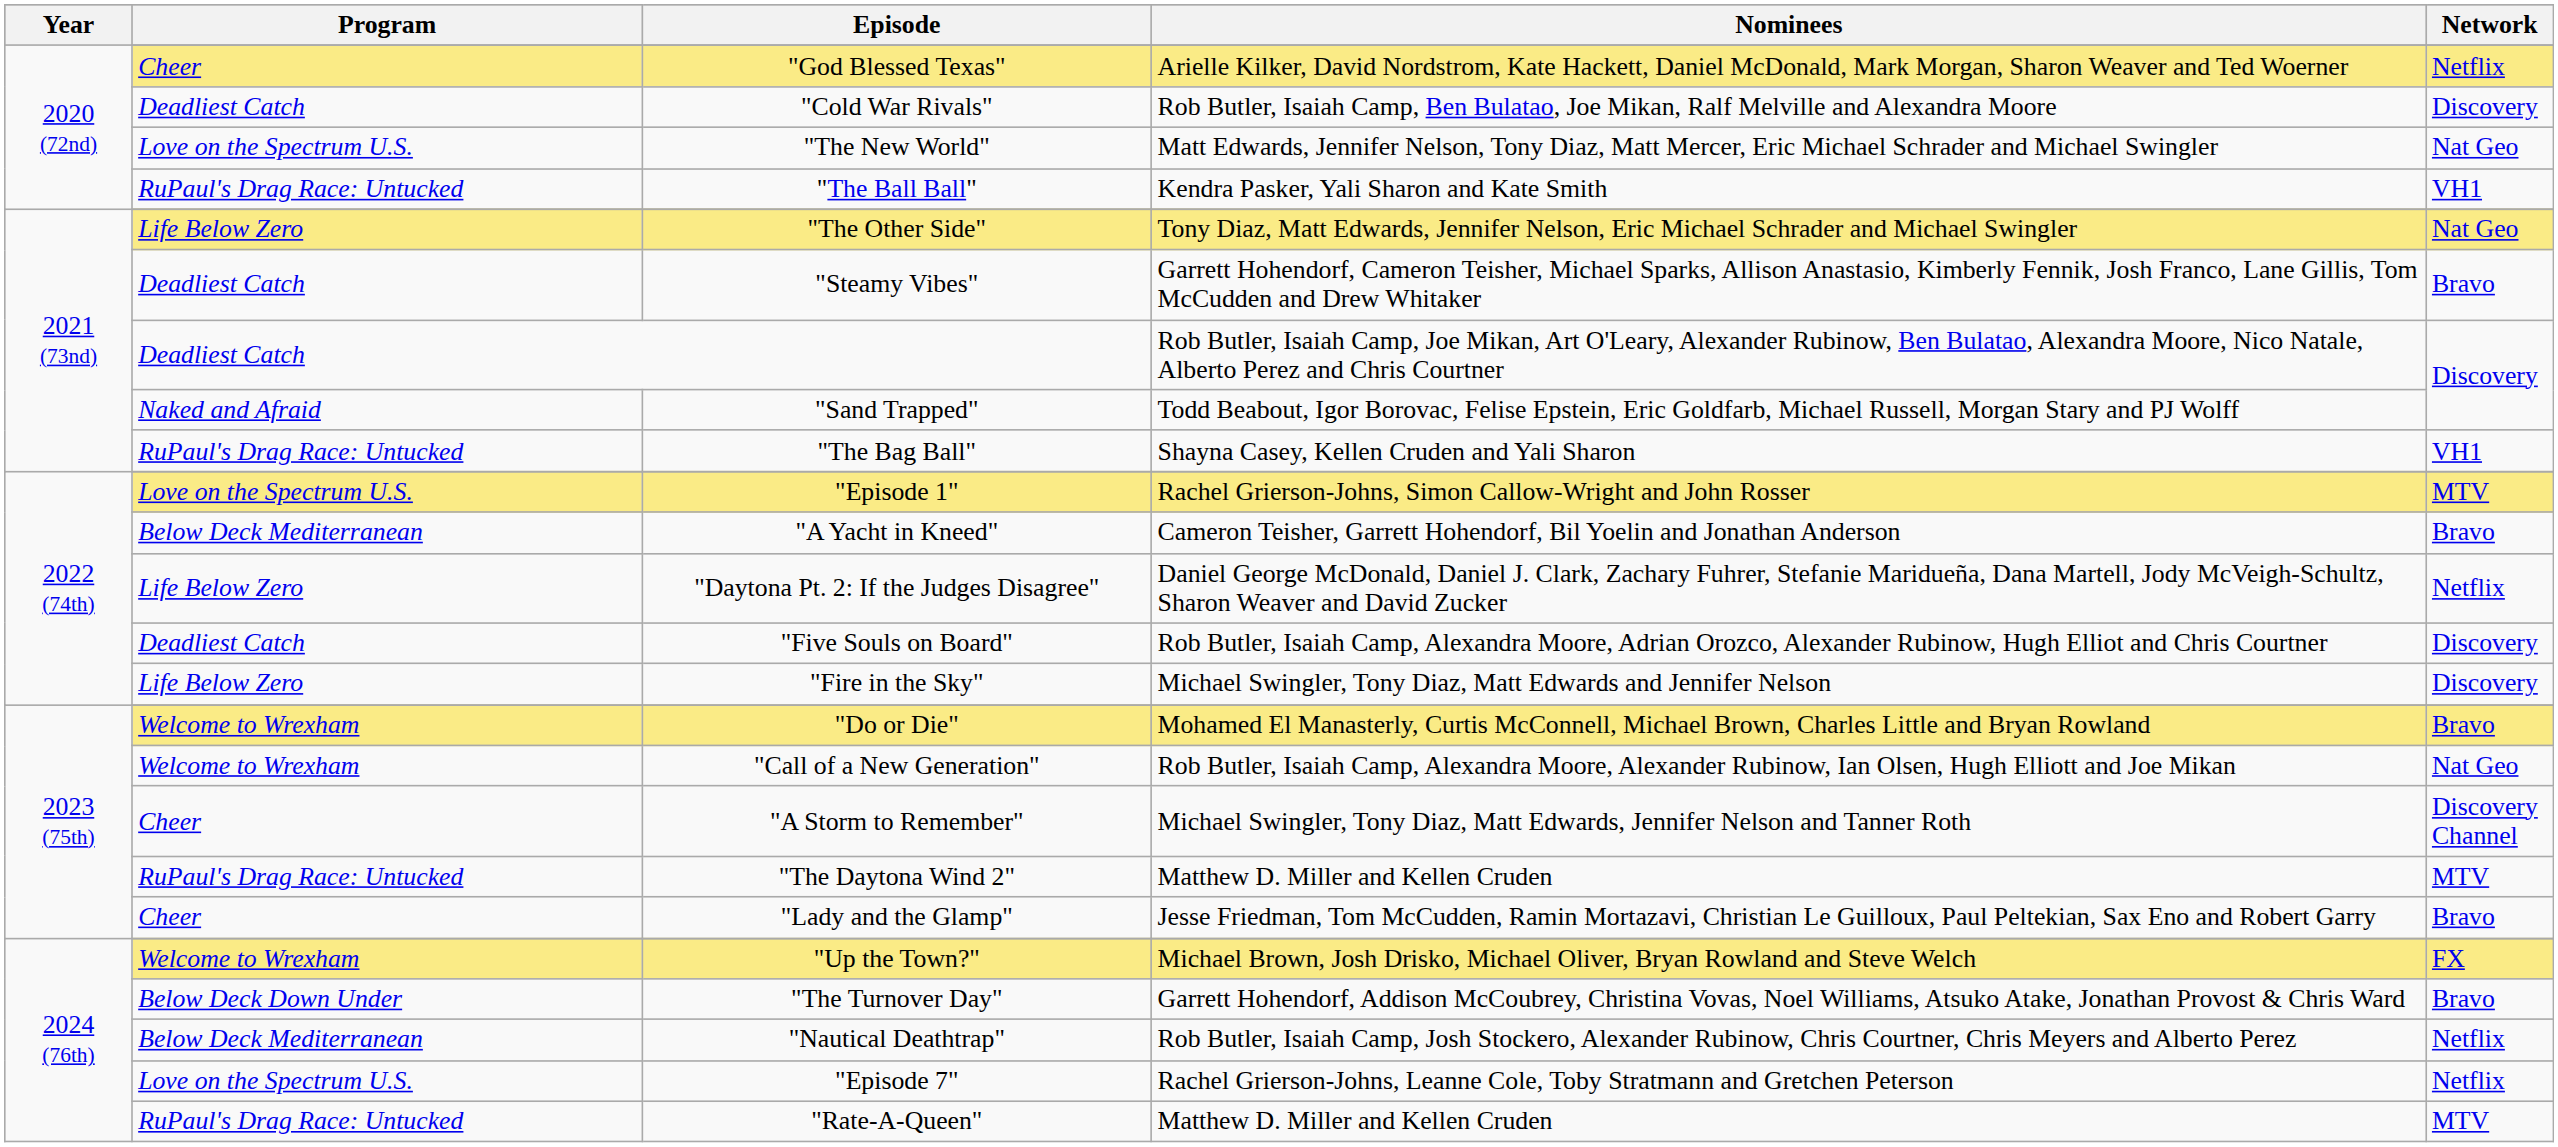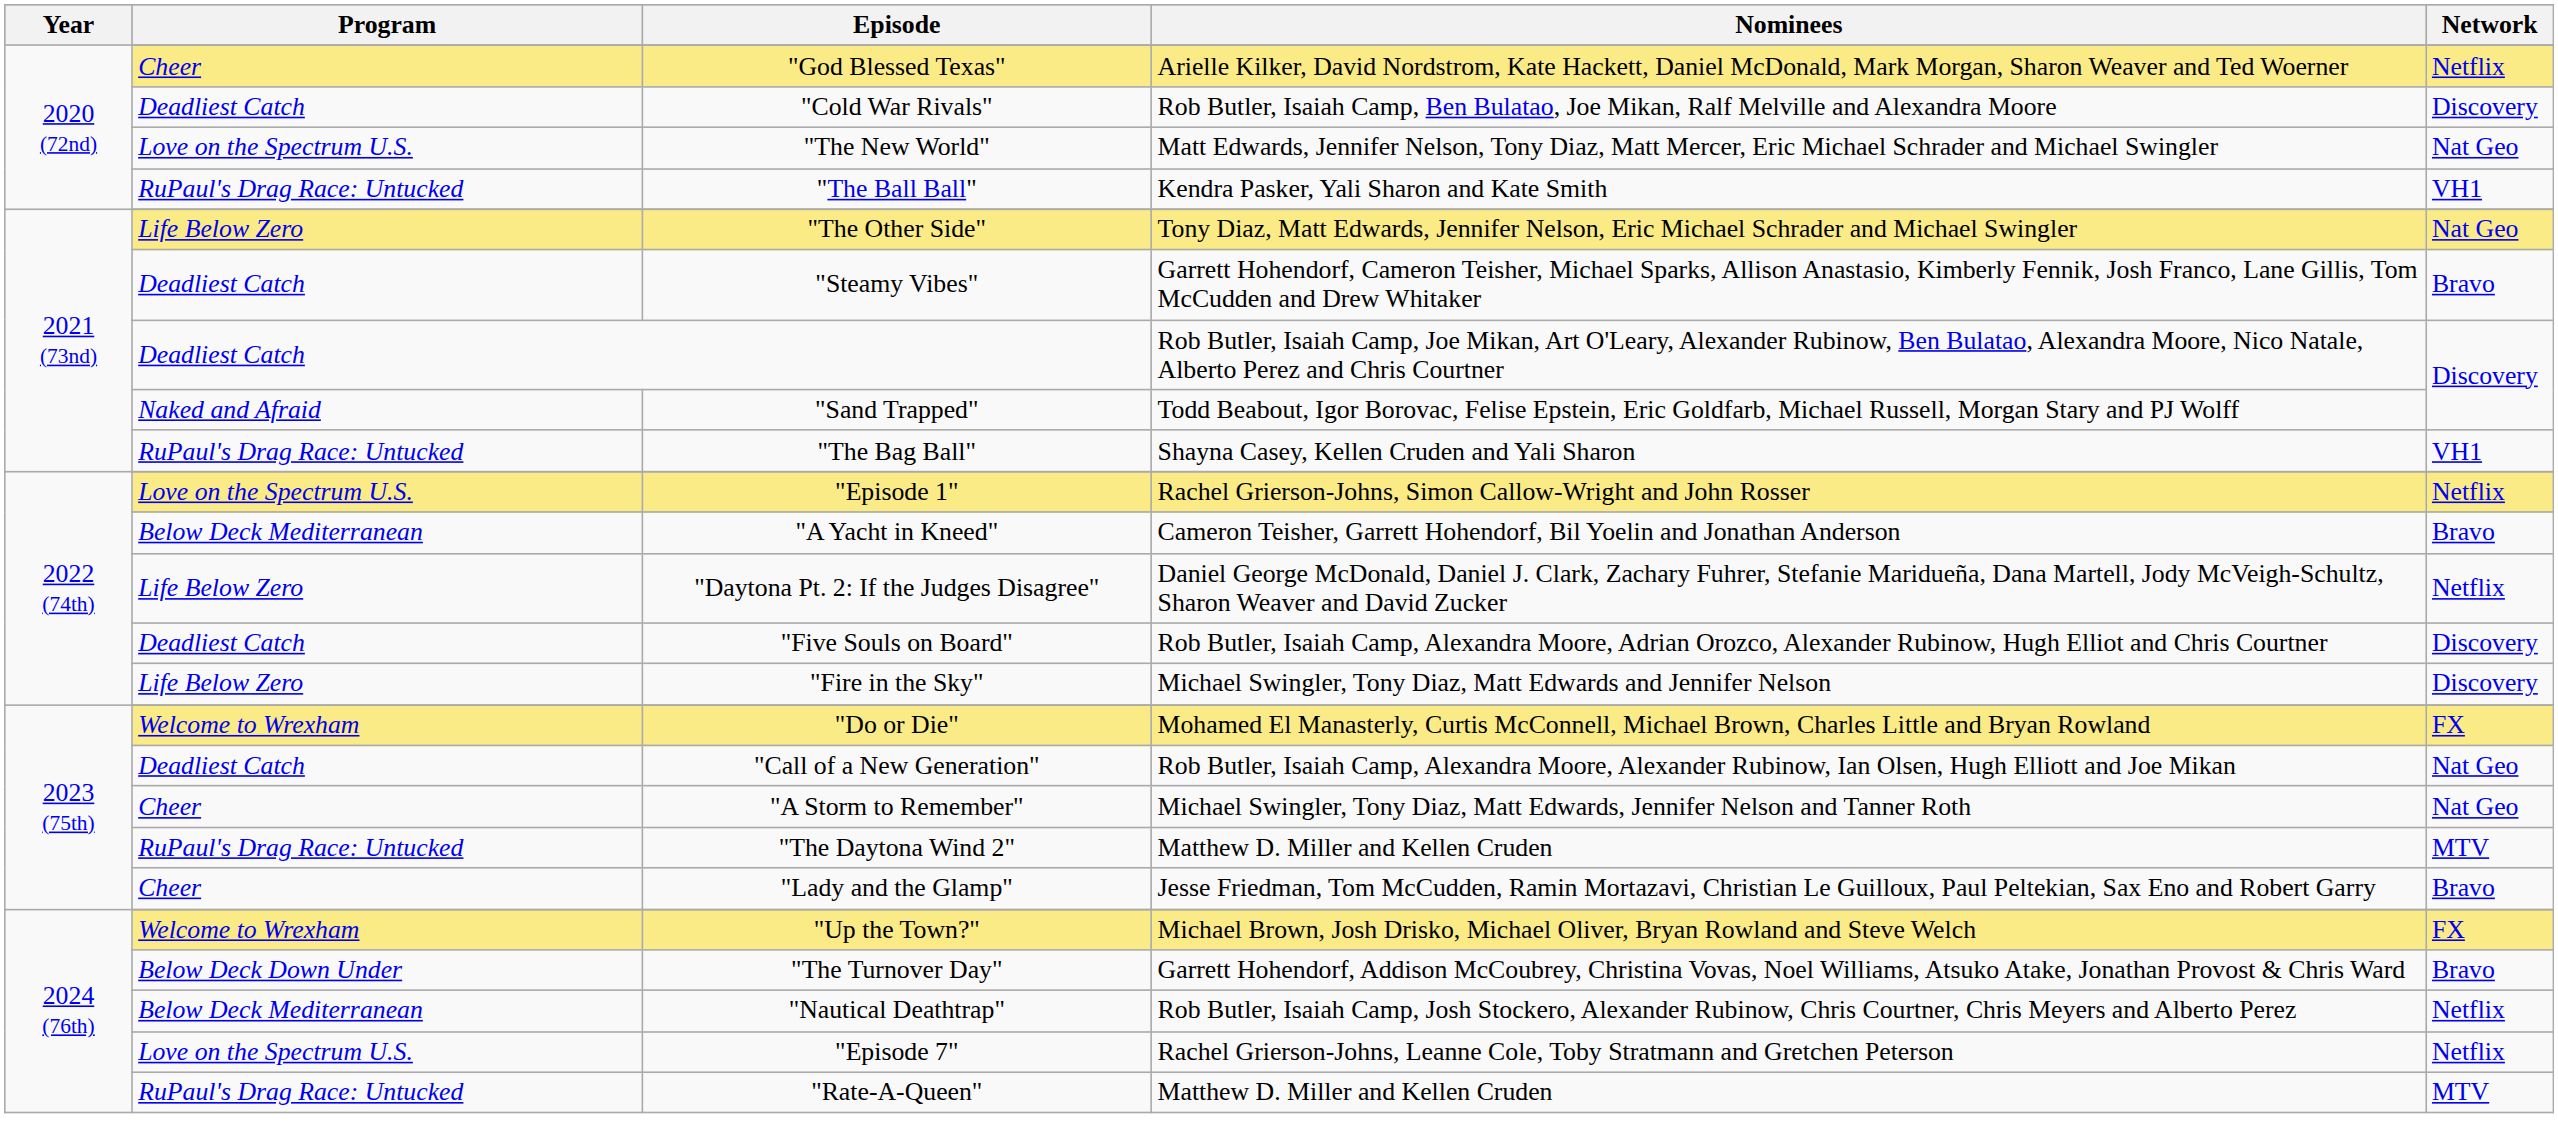 <table class="wikitable" style="width:100%">
 <tr bgcolor="#bebebe">
 <th width="5%">Year</th>
 <th width="20%">Program</th>
 <th width="20%">Episode</th>
 <th width="50%">Nominees</th>
 <th width="5%">Network</th>
 </tr>
 <tr>
 <td rowspan=5 style="text-align:center"><a href='#'>2020</a><br><small><a href='#'>(72nd)</a></small><br></td>
 </tr>
 <tr style="background:#FAEB86;">
 <td><em><a href='#'>Cheer</a></em></td>
 <td align=center>"God Blessed Texas"</td>
 <td>Arielle Kilker, David Nordstrom, Kate Hackett, Daniel McDonald, Mark Morgan, Sharon Weaver and Ted Woerner</td>
 <td><a href='#'>Netflix</a></td>
 </tr>
 <tr>
 <td><em><a href='#'>Deadliest Catch</a></em></td>
 <td align=center>"Cold War Rivals"</td>
 <td>Rob Butler, Isaiah Camp, <a href='#'>Ben Bulatao</a>, Joe Mikan, Ralf Melville and Alexandra Moore</td>
 <td><a href='#'>Discovery</a></td>
 </tr>
 <tr>
 <td><em><a href='#'>Love on the Spectrum U.S.</a></em></td>
 <td align=center>"The New World"</td>
 <td>Matt Edwards, Jennifer Nelson, Tony Diaz, Matt Mercer, Eric Michael Schrader and Michael Swingler</td>
 <td><a href='#'>Nat Geo</a></td>
 </tr>
 <tr>
 <td><em><a href='#'>RuPaul's Drag Race: Untucked</a></em></td>
 <td align=center>"<a href='#'>The Ball Ball</a>"</td>
 <td>Kendra Pasker, Yali Sharon and Kate Smith</td>
 <td><a href='#'>VH1</a></td>
 </tr>
 <tr>
 <td rowspan=6 style="text-align:center"><a href='#'>2021</a><br><small><a href='#'>(73nd)</a></small><br></td>
 </tr>
 <tr style="background:#FAEB86;">
 <td><em><a href='#'>Life Below Zero</a></em></td>
 <td align=center>"The Other Side"</td>
 <td>Tony Diaz, Matt Edwards, Jennifer Nelson, Eric Michael Schrader and Michael Swingler</td>
 <td><a href='#'>Nat Geo</a></td>
 </tr>
 <tr>
 <td><em><a href='#'>Deadliest Catch</a></em></td>
 <td align=center>"Steamy Vibes"</td>
 <td>Garrett Hohendorf, Cameron Teisher, Michael Sparks, Allison Anastasio, Kimberly Fennik, Josh Franco, Lane Gillis, Tom McCudden and Drew Whitaker</td>
 <td><a href='#'>Bravo</a></td>
 </tr>
 <tr>
 <td colspan="2'"><em><a href='#'>Deadliest Catch</a></em></td>
 <td>Rob Butler, Isaiah Camp, Joe Mikan, Art O'Leary, Alexander Rubinow, <a href='#'>Ben Bulatao</a>, Alexandra Moore, Nico Natale, Alberto Perez and Chris Courtner</td>
 <td rowspan=2><a href='#'>Discovery</a></td>
 </tr>
 <tr>
 <td><em><a href='#'>Naked and Afraid</a></em></td>
 <td align=center>"Sand Trapped"</td>
 <td>Todd Beabout, Igor Borovac, Felise Epstein, Eric Goldfarb, Michael Russell, Morgan Stary and PJ Wolff</td>
 </tr>
 <tr>
 <td><em><a href='#'>RuPaul's Drag Race: Untucked</a></em></td>
 <td align=center>"The Bag Ball"</td>
 <td>Shayna Casey, Kellen Cruden and Yali Sharon</td>
 <td><a href='#'>VH1</a></td>
 </tr>
 <tr>
 <td rowspan=6 style="text-align:center"><a href='#'>2022</a><br><small><a href='#'>(74th)</a></small><br></td>
 </tr>
 <tr style="background:#FAEB86;">
 <td><em><a href='#'>Love on the Spectrum U.S.</a></em></td>
 <td align=center>"Episode 1"</td>
 <td>Rachel Grierson-Johns, Simon Callow-Wright and John Rosser</td>
-<td><a href='#'>MTV</a></td>
+<td><a href='#'>Netflix</a></td>
 </tr>
 <tr>
 <td><em><a href='#'>Below Deck Mediterranean</a></em></td>
 <td align=center>"A Yacht in Kneed"</td>
 <td>Cameron Teisher, Garrett Hohendorf, Bil Yoelin and Jonathan Anderson</td>
 <td><a href='#'>Bravo</a></td>
 </tr>
 <tr>
 <td><em><a href='#'>Life Below Zero</a></em></td>
 <td align=center>"Daytona Pt. 2: If the Judges Disagree"</td>
 <td>Daniel George McDonald, Daniel J. Clark, Zachary Fuhrer, Stefanie Maridueña, Dana Martell, Jody McVeigh-Schultz, Sharon Weaver and David Zucker</td>
 <td><a href='#'>Netflix</a></td>
 </tr>
 <tr>
 <td><em><a href='#'>Deadliest Catch</a></em></td>
 <td align=center>"Five Souls on Board"</td>
 <td>Rob Butler, Isaiah Camp, Alexandra Moore, Adrian Orozco, Alexander Rubinow, Hugh Elliot and Chris Courtner</td>
 <td><a href='#'>Discovery</a></td>
 </tr>
 <tr>
 <td><em><a href='#'>Life Below Zero</a></em></td>
 <td align=center>"Fire in the Sky"</td>
 <td>Michael Swingler, Tony Diaz, Matt Edwards and Jennifer Nelson</td>
 <td><a href='#'>Discovery</a></td>
 </tr>
 <tr>
 <td rowspan=6 style="text-align:center"><a href='#'>2023</a><br><small><a href='#'>(75th)</a></small><br></td>
 </tr>
 <tr style="background:#FAEB86;">
 <td><em><a href='#'>Welcome to Wrexham</a></em></td>
 <td align=center>"Do or Die"</td>
 <td>Mohamed El Manasterly, Curtis McConnell, Michael Brown, Charles Little and Bryan Rowland</td>
-<td><a href='#'>Bravo</a></td>
+<td><a href='#'>FX</a></td>
 </tr>
 <tr>
-<td><em><a href='#'>Welcome to Wrexham</a></em></td>
+<td><em><a href='#'>Deadliest Catch</a></em></td>
 <td align=center>"Call of a New Generation"</td>
 <td>Rob Butler, Isaiah Camp, Alexandra Moore, Alexander Rubinow, Ian Olsen, Hugh Elliott and Joe Mikan</td>
 <td><a href='#'>Nat Geo</a></td>
 </tr>
 <tr>
 <td><em><a href='#'>Cheer</a></em></td>
 <td align=center>"A Storm to Remember"</td>
 <td>Michael Swingler, Tony Diaz, Matt Edwards, Jennifer Nelson and Tanner Roth</td>
-<td><a href='#'>Discovery Channel</a></td>
+<td><a href='#'>Nat Geo</a></td>
 </tr>
 <tr>
 <td><em><a href='#'>RuPaul's Drag Race: Untucked</a></em></td>
 <td align=center>"The Daytona Wind 2"</td>
 <td>Matthew D. Miller and Kellen Cruden</td>
 <td><a href='#'>MTV</a></td>
 </tr>
 <tr>
 <td><em><a href='#'>Cheer</a></em></td>
 <td align=center>"Lady and the Glamp"</td>
 <td>Jesse Friedman, Tom McCudden, Ramin Mortazavi, Christian Le Guilloux, Paul Peltekian, Sax Eno and Robert Garry</td>
 <td><a href='#'>Bravo</a></td>
 </tr>
 <tr>
 <td rowspan=6 style="text-align:center"><a href='#'>2024</a><br><small><a href='#'>(76th)</a></small><br></td>
 </tr>
 <tr style="background:#FAEB86;">
 <td><em><a href='#'>Welcome to Wrexham</a></em></td>
 <td align=center>"Up the Town?"</td>
 <td>Michael Brown, Josh Drisko, Michael Oliver, Bryan Rowland and Steve Welch</td>
 <td><a href='#'>FX</a></td>
 </tr>
 <tr>
 <td><em><a href='#'>Below Deck Down Under</a></em></td>
 <td align=center>"The Turnover Day"</td>
 <td>Garrett Hohendorf, Addison McCoubrey, Christina Vovas, Noel Williams, Atsuko Atake, Jonathan Provost & Chris Ward</td>
 <td><a href='#'>Bravo</a></td>
 </tr>
 <tr>
 <td><em><a href='#'>Below Deck Mediterranean</a></em></td>
 <td align=center>"Nautical Deathtrap"</td>
 <td>Rob Butler, Isaiah Camp, Josh Stockero, Alexander Rubinow, Chris Courtner, Chris Meyers and Alberto Perez</td>
 <td><a href='#'>Netflix</a></td>
 </tr>
 <tr>
 <td><em><a href='#'>Love on the Spectrum U.S.</a></em></td>
 <td align=center>"Episode 7"</td>
 <td>Rachel Grierson-Johns, Leanne Cole, Toby Stratmann and Gretchen Peterson</td>
 <td><a href='#'>Netflix</a></td>
 </tr>
 <tr>
 <td><em><a href='#'>RuPaul's Drag Race: Untucked</a></em></td>
 <td align=center>"Rate-A-Queen"</td>
 <td>Matthew D. Miller and Kellen Cruden</td>
 <td><a href='#'>MTV</a></td>
 </tr>
 </table>
